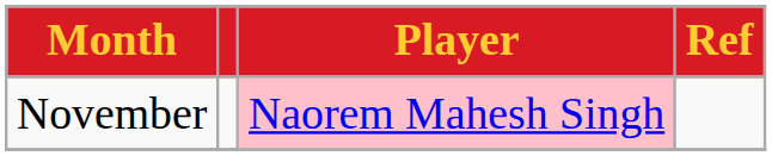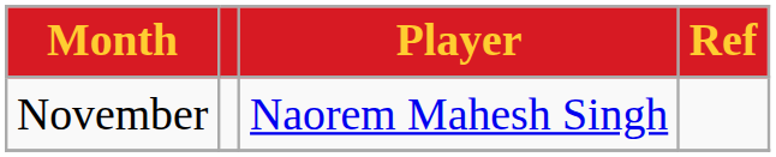 <table class="wikitable" style="text-align:left">
 <tr>
 <th style="background:#d71a23; color:#ffcd31; text-align:center;">Month</th>
 <th style="background:#d71a23; color:#ffcd31; text-align:center;"></th>
 <th style="background:#d71a23; color:#ffcd31; text-align:center;">Player</th>
 <th style="background:#d71a23; color:#ffcd31; text-align:center;">Ref</th>
 </tr>
 <tr>
 <td>November</td>
 <td></td>
-<td style="background: pink;"><a href='#'>Naorem Mahesh Singh</a></td>
+<td><a href='#'>Naorem Mahesh Singh</a></td>
 <td></td>
 </tr>
 <tr>
 </tr>
 </table>
